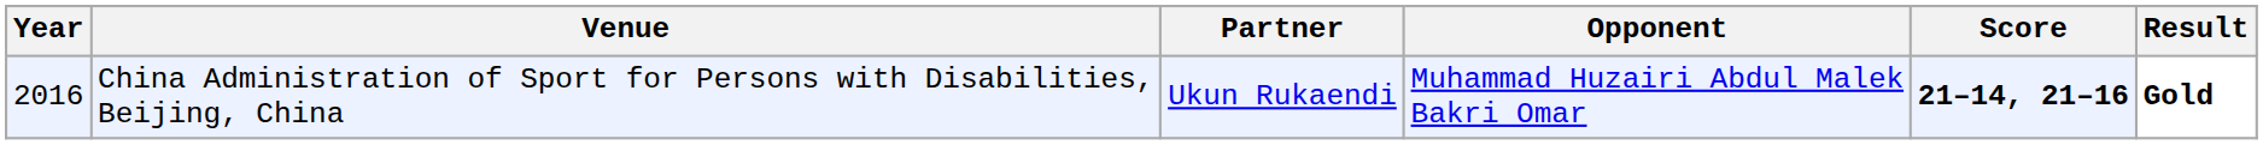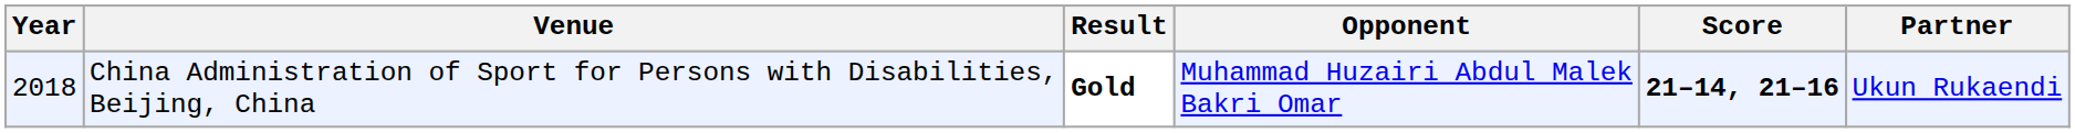 <table class="sortable wikitable" style="font-size: 90%;">
 <tr>
 <th>Year</th>
 <th>Venue</th>
-<th>Partner</th>
+<th>Result</th>
 <th>Opponent</th>
 <th>Score</th>
-<th>Result</th>
+<th>Partner</th>
 </tr>
 <tr style="background:#ECF2FF">
-<td align="center">2016</td>
+<td align="center">2018</td>
 <td align="left">China Administration of Sport for Persons with Disabilities,<br>Beijing, China</td>
-<td align="left"> <a href='#'>Ukun Rukaendi</a></td>
+<td style="text-align:left; background:white"> <strong>Gold</strong></td>
 <td align="left"> <a href='#'>Muhammad Huzairi Abdul Malek</a><br> <a href='#'>Bakri Omar</a></td>
 <td align="left"><strong>21–14, 21–16</strong></td>
-<td style="text-align:left; background:white"> <strong>Gold</strong></td>
+<td align="left"> <a href='#'>Ukun Rukaendi</a></td>
 </tr>
 </table>
